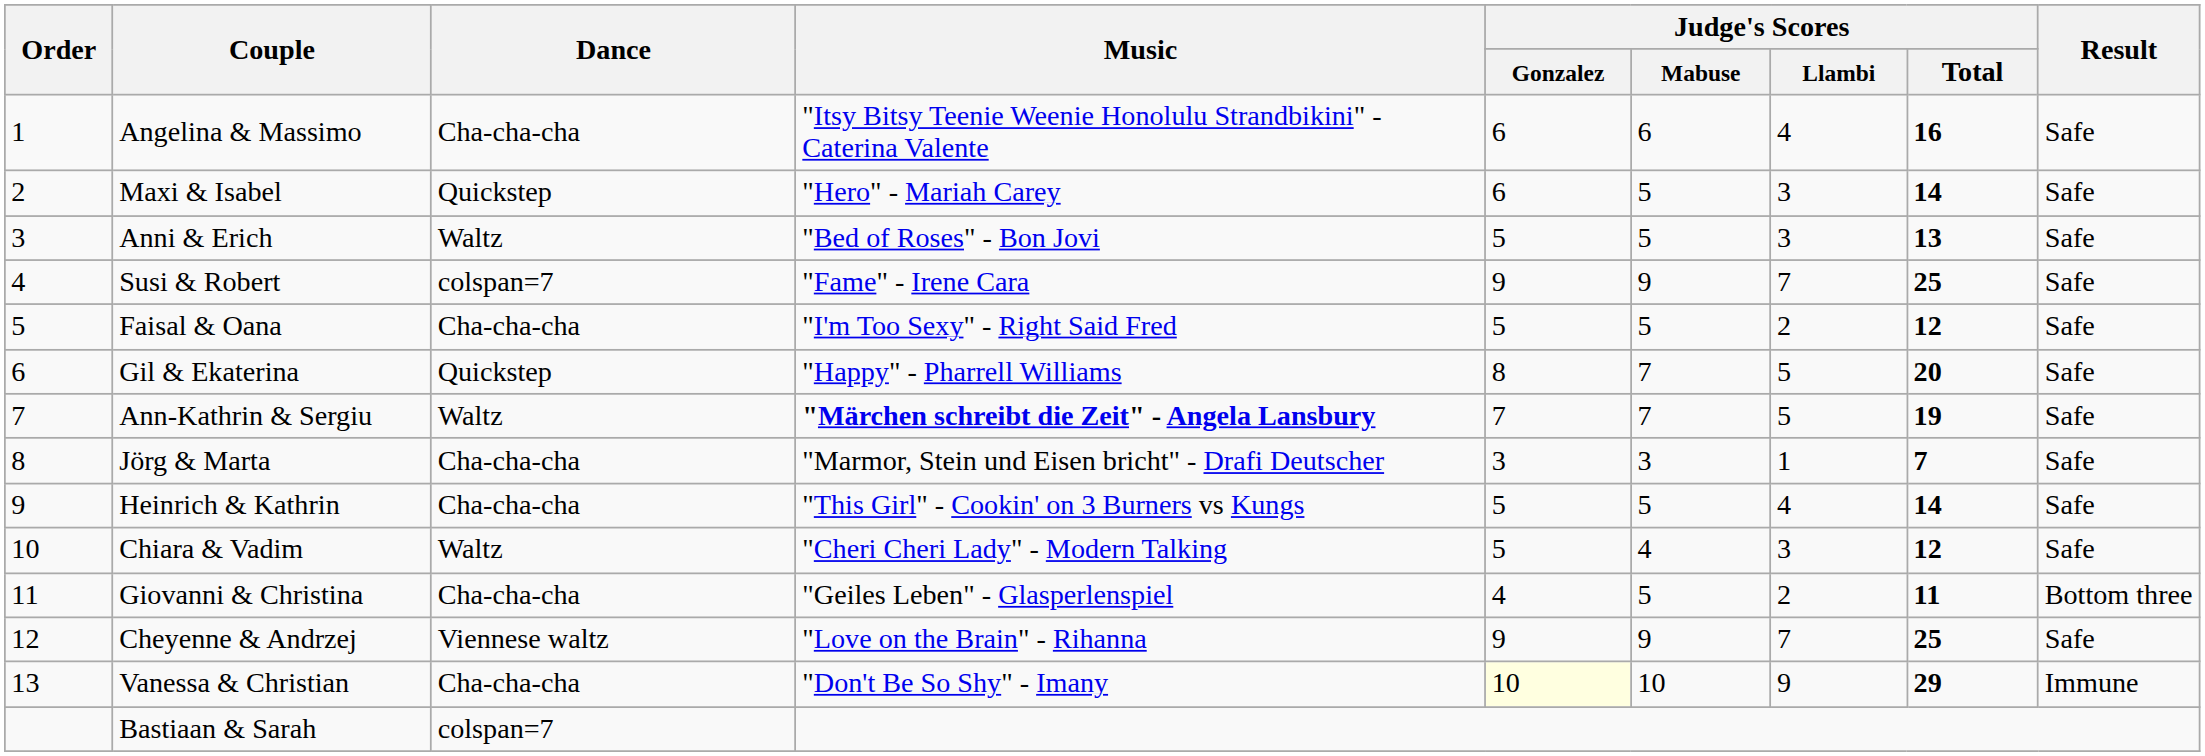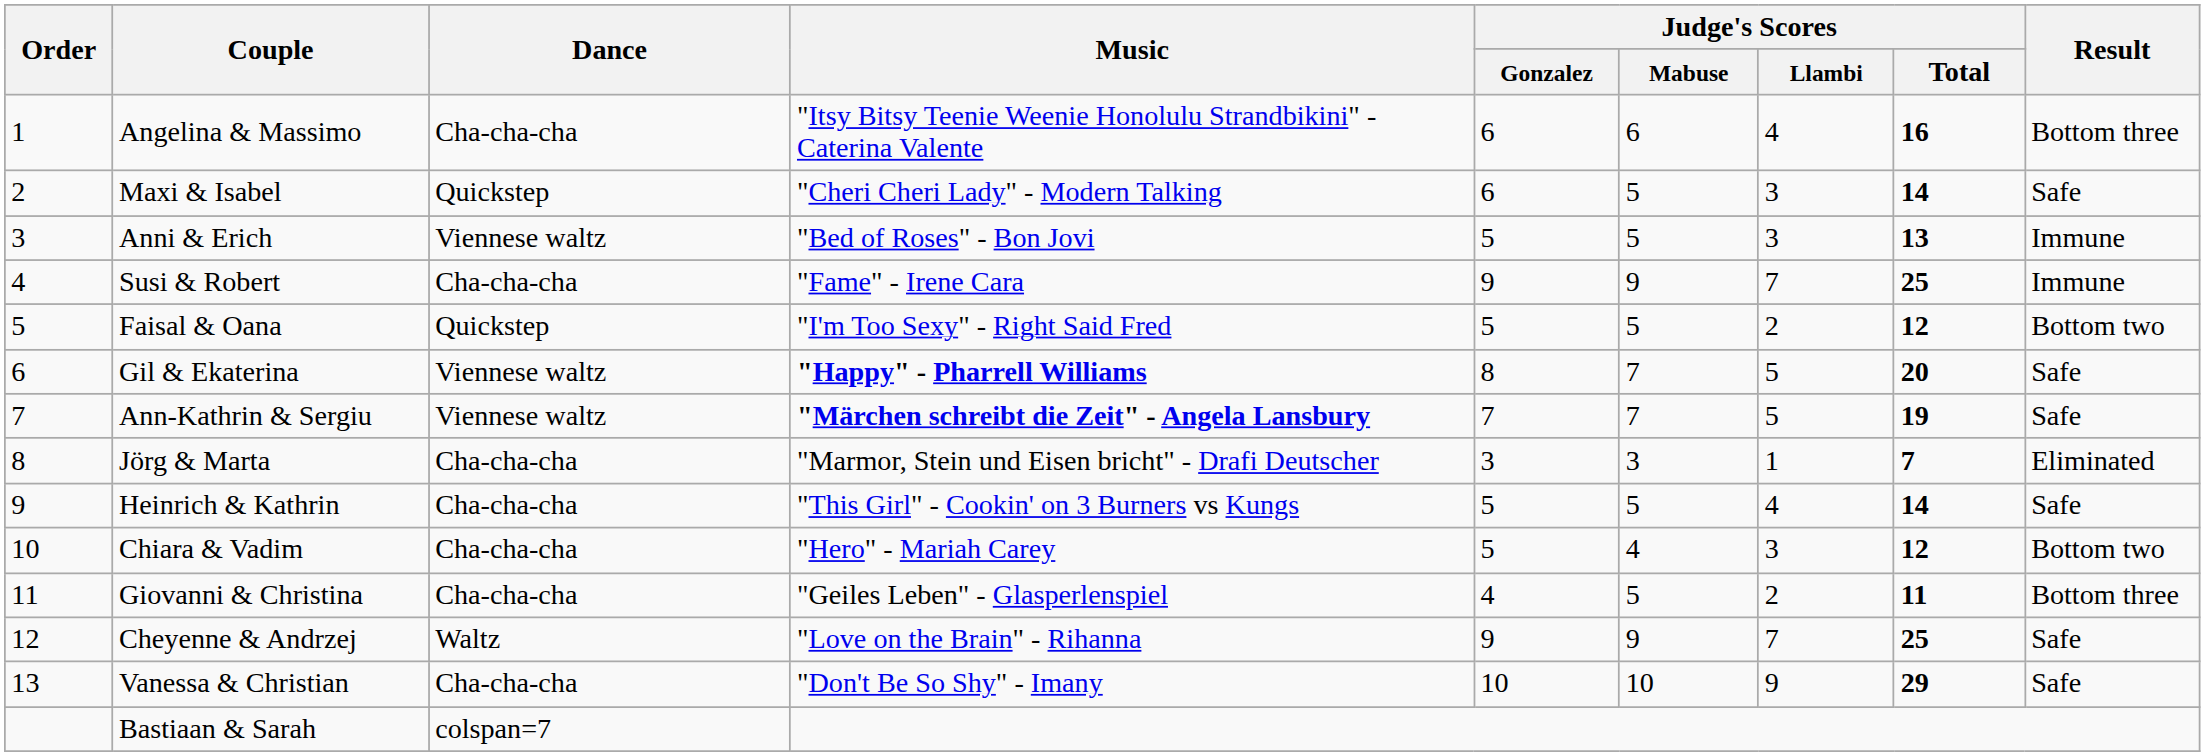 <table class="wikitable sortable center">
 <tr>
 <th rowspan="2" style="width: 4em">Order</th>
 <th rowspan="2" style="width: 17em">Couple</th>
 <th rowspan="2" style="width: 20em">Dance</th>
 <th rowspan="2" style="width: 40em">Music</th>
 <th colspan="4">Judge's Scores</th>
 <th rowspan="2" style="width: 7em">Result</th>
 </tr>
 <tr>
 <th style="width: 6em"><small> Gonzalez</small></th>
 <th style="width: 6em"><small> Mabuse</small></th>
 <th style="width: 6em"><small> Llambi</small></th>
 <th style="width: 6em">Total</th>
 </tr>
 <tr>
 <td>1</td>
 <td>Angelina & Massimo</td>
 <td>Cha-cha-cha</td>
 <td>"<a href='#'>Itsy Bitsy Teenie Weenie Honolulu Strandbikini</a>" - <a href='#'>Caterina Valente</a></td>
 <td>6</td>
 <td>6</td>
 <td>4</td>
 <td><strong>16</strong></td>
-<td>Safe</td>
+<td>Bottom three</td>
 </tr>
 <tr>
 <td>2</td>
 <td>Maxi & Isabel</td>
 <td>Quickstep</td>
-<td>"<a href='#'>Hero</a>" - <a href='#'>Mariah Carey</a></td>
+<td>"<a href='#'>Cheri Cheri Lady</a>" - <a href='#'>Modern Talking</a></td>
 <td>6</td>
 <td>5</td>
 <td>3</td>
 <td><strong>14</strong></td>
 <td>Safe</td>
 </tr>
 <tr>
 <td>3</td>
 <td>Anni & Erich</td>
-<td>Waltz</td>
+<td>Viennese waltz</td>
 <td>"<a href='#'>Bed of Roses</a>" - <a href='#'>Bon Jovi</a></td>
 <td>5</td>
 <td>5</td>
 <td>3</td>
 <td><strong>13</strong></td>
-<td>Safe</td>
+<td>Immune</td>
 </tr>
 <tr>
 <td>4</td>
 <td>Susi & Robert</td>
-<td>colspan=7 </td>
+<td>Cha-cha-cha</td>
 <td>"<a href='#'>Fame</a>" - <a href='#'>Irene Cara</a></td>
 <td>9</td>
 <td>9</td>
 <td>7</td>
 <td><strong>25</strong></td>
-<td>Safe</td>
+<td>Immune</td>
 </tr>
 <tr>
 <td>5</td>
 <td>Faisal & Oana</td>
-<td>Cha-cha-cha</td>
+<td>Quickstep</td>
 <td>"<a href='#'>I'm Too Sexy</a>" - <a href='#'>Right Said Fred</a></td>
 <td>5</td>
 <td>5</td>
 <td>2</td>
 <td><strong>12</strong></td>
-<td>Safe</td>
+<td>Bottom two</td>
 </tr>
 <tr>
 <td>6</td>
 <td>Gil & Ekaterina</td>
-<td>Quickstep</td>
-<td>"<a href='#'>Happy</a>" - <a href='#'>Pharrell Williams</a></td>
+<td>Viennese waltz</td>
+<td><strong>"<a href='#'>Happy</a>" - <a href='#'>Pharrell Williams</a></strong></td>
 <td>8</td>
 <td>7</td>
 <td>5</td>
 <td><strong>20</strong></td>
 <td>Safe</td>
 </tr>
 <tr>
 <td>7</td>
 <td>Ann-Kathrin & Sergiu</td>
-<td>Waltz</td>
+<td>Viennese waltz</td>
 <td><strong>"<a href='#'>Märchen schreibt die Zeit</a>" - <a href='#'>Angela Lansbury</a></strong></td>
 <td>7</td>
 <td>7</td>
 <td>5</td>
 <td><strong>19</strong></td>
 <td>Safe</td>
 </tr>
 <tr>
 <td>8</td>
 <td>Jörg & Marta</td>
 <td>Cha-cha-cha</td>
 <td>"Marmor, Stein und Eisen bricht" - <a href='#'>Drafi Deutscher</a></td>
 <td>3</td>
 <td>3</td>
 <td>1</td>
 <td><strong>7</strong></td>
-<td>Safe</td>
+<td>Eliminated</td>
 </tr>
 <tr>
 <td>9</td>
 <td>Heinrich & Kathrin</td>
 <td>Cha-cha-cha</td>
 <td>"<a href='#'>This Girl</a>" - <a href='#'>Cookin' on 3 Burners</a> vs <a href='#'>Kungs</a></td>
 <td>5</td>
 <td>5</td>
 <td>4</td>
 <td><strong>14</strong></td>
 <td>Safe</td>
 </tr>
 <tr>
 <td>10</td>
 <td>Chiara & Vadim</td>
-<td>Waltz</td>
-<td>"<a href='#'>Cheri Cheri Lady</a>" - <a href='#'>Modern Talking</a></td>
+<td>Cha-cha-cha</td>
+<td>"<a href='#'>Hero</a>" - <a href='#'>Mariah Carey</a></td>
 <td>5</td>
 <td>4</td>
 <td>3</td>
 <td><strong>12</strong></td>
-<td>Safe</td>
+<td>Bottom two</td>
 </tr>
 <tr>
 <td>11</td>
 <td>Giovanni & Christina</td>
 <td>Cha-cha-cha</td>
 <td>"Geiles Leben" - <a href='#'>Glasperlenspiel</a></td>
 <td>4</td>
 <td>5</td>
 <td>2</td>
 <td><strong>11</strong></td>
 <td>Bottom three</td>
 </tr>
 <tr>
 <td>12</td>
 <td>Cheyenne & Andrzej</td>
-<td>Viennese waltz</td>
+<td>Waltz</td>
 <td>"<a href='#'>Love on the Brain</a>" - <a href='#'>Rihanna</a></td>
 <td>9</td>
 <td>9</td>
 <td>7</td>
 <td><strong>25</strong></td>
 <td>Safe</td>
 </tr>
 <tr>
 <td>13</td>
 <td>Vanessa & Christian</td>
 <td>Cha-cha-cha</td>
 <td>"<a href='#'>Don't Be So Shy</a>" - <a href='#'>Imany</a></td>
-<td style="background: lightyellow;">10</td>
+<td>10</td>
 <td>10</td>
 <td>9</td>
 <td><strong>29</strong></td>
-<td>Immune</td>
+<td>Safe</td>
 </tr>
 <tr>
 <td></td>
 <td>Bastiaan & Sarah</td>
 <td>colspan=7 </td>
 </tr>
 </table>
